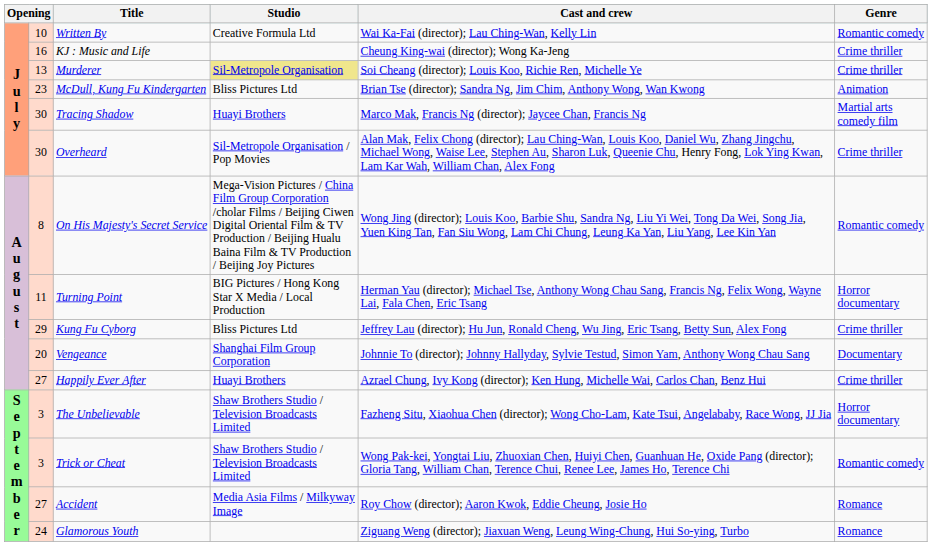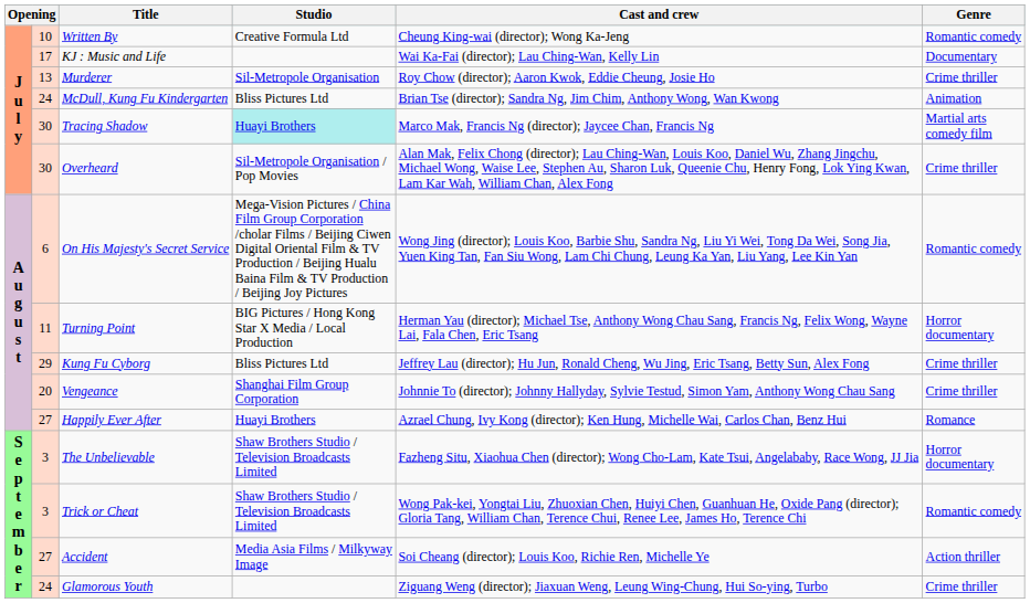 <table class="wikitable sortable">
 <tr style="background:#b0e0e6; text-align:center;">
 <th colspan="2">Opening</th>
 <th style="width:17%;">Title</th>
 <th style="width:16%;">Studio</th>
 <th>Cast and crew</th>
 <th style="width:10%;">Genre</th>
 </tr>
 <tr>
 <th rowspan="6" style="text-align:center; background:#ffa07a; textcolor:#000;"><big>J<br>u<br>l<br>y</big></th>
 <td style="text-align:center; background:#ffdacc; textcolor:#000;">10</td>
 <td><em><a href='#'>Written By</a></em></td>
 <td>Creative Formula Ltd</td>
-<td><a href='#'>Wai Ka-Fai</a> (director); <a href='#'>Lau Ching-Wan</a>, <a href='#'>Kelly Lin</a></td>
+<td><a href='#'>Cheung King-wai</a> (director); Wong Ka-Jeng</td>
 <td><a href='#'>Romantic comedy</a></td>
 </tr>
 <tr>
-<td style="text-align:center; background:#ffdacc; textcolor:#000;">16</td>
+<td style="text-align:center; background:#ffdacc; textcolor:#000;">17</td>
 <td><em>KJ : Music and Life</em></td>
 <td></td>
-<td><a href='#'>Cheung King-wai</a> (director); Wong Ka-Jeng</td>
-<td><a href='#'>Crime thriller</a></td>
+<td><a href='#'>Wai Ka-Fai</a> (director); <a href='#'>Lau Ching-Wan</a>, <a href='#'>Kelly Lin</a></td>
+<td><a href='#'>Documentary</a></td>
 </tr>
 <tr>
 <td style="text-align:center; background:#ffdacc; textcolor:#000;">13</td>
 <td><em><a href='#'>Murderer</a></em></td>
-<td style="background: khaki;"><a href='#'>Sil-Metropole Organisation</a></td>
-<td><a href='#'>Soi Cheang</a> (director); <a href='#'>Louis Koo</a>, <a href='#'>Richie Ren</a>, <a href='#'>Michelle Ye</a></td>
+<td><a href='#'>Sil-Metropole Organisation</a></td>
+<td><a href='#'>Roy Chow</a> (director); <a href='#'>Aaron Kwok</a>, <a href='#'>Eddie Cheung</a>, <a href='#'>Josie Ho</a></td>
 <td><a href='#'>Crime thriller</a></td>
 </tr>
 <tr>
-<td style="text-align:center; background:#ffdacc; textcolor:#000;">23</td>
+<td style="text-align:center; background:#ffdacc; textcolor:#000;">24</td>
 <td><em><a href='#'>McDull, Kung Fu Kindergarten</a></em></td>
 <td>Bliss Pictures Ltd</td>
 <td><a href='#'>Brian Tse</a> (director); <a href='#'>Sandra Ng</a>, <a href='#'>Jim Chim</a>, <a href='#'>Anthony Wong</a>, <a href='#'>Wan Kwong</a></td>
 <td><a href='#'>Animation</a></td>
 </tr>
 <tr>
 <td style="text-align:center; background:#ffdacc; textcolor:#000;">30</td>
 <td><em><a href='#'>Tracing Shadow</a></em></td>
-<td><a href='#'>Huayi Brothers</a></td>
+<td style="background: paleturquoise;"><a href='#'>Huayi Brothers</a></td>
 <td><a href='#'>Marco Mak</a>, <a href='#'>Francis Ng</a> (director); <a href='#'>Jaycee Chan</a>, <a href='#'>Francis Ng</a></td>
 <td><a href='#'>Martial arts</a> <a href='#'>comedy film</a></td>
 </tr>
 <tr>
 <td style="text-align:center; background:#ffdacc; textcolor:#000;">30</td>
 <td><em><a href='#'>Overheard</a></em></td>
 <td><a href='#'>Sil-Metropole Organisation</a> / Pop Movies</td>
 <td><a href='#'>Alan Mak</a>, <a href='#'>Felix Chong</a> (director); <a href='#'>Lau Ching-Wan</a>, <a href='#'>Louis Koo</a>, <a href='#'>Daniel Wu</a>, <a href='#'>Zhang Jingchu</a>, <a href='#'>Michael Wong</a>, <a href='#'>Waise Lee</a>, <a href='#'>Stephen Au</a>, <a href='#'>Sharon Luk</a>, <a href='#'>Queenie Chu</a>, Henry Fong, <a href='#'>Lok Ying Kwan</a>, <a href='#'>Lam Kar Wah</a>, <a href='#'>William Chan</a>, <a href='#'>Alex Fong</a></td>
 <td><a href='#'>Crime thriller</a></td>
 </tr>
 <tr>
 <th rowspan="5" style="text-align:center; background:thistle; textcolor:#000;"><big>A<br>u<br>g<br>u<br>s<br>t</big></th>
-<td style="text-align:center; background:#ffdacc; textcolor:#000;">8</td>
+<td style="text-align:center; background:#ffdacc; textcolor:#000;">6</td>
 <td><em><a href='#'>On His Majesty's Secret Service</a></em></td>
 <td>Mega-Vision Pictures / <a href='#'>China Film Group Corporation</a> /cholar Films / Beijing Ciwen Digital Oriental Film & TV Production / Beijing Hualu Baina Film & TV Production / Beijing Joy Pictures</td>
 <td><a href='#'>Wong Jing</a> (director); <a href='#'>Louis Koo</a>, <a href='#'>Barbie Shu</a>, <a href='#'>Sandra Ng</a>, <a href='#'>Liu Yi Wei</a>, <a href='#'>Tong Da Wei</a>, <a href='#'>Song Jia</a>, <a href='#'>Yuen King Tan</a>, <a href='#'>Fan Siu Wong</a>, <a href='#'>Lam Chi Chung</a>, <a href='#'>Leung Ka Yan</a>, <a href='#'>Liu Yang</a>, <a href='#'>Lee Kin Yan</a></td>
 <td><a href='#'>Romantic comedy</a></td>
 </tr>
 <tr>
 <td style="text-align:center; background:#ffdacc; textcolor:#000;">11</td>
 <td><em><a href='#'>Turning Point</a></em></td>
 <td>BIG Pictures / Hong Kong Star X Media / Local Production</td>
 <td><a href='#'>Herman Yau</a> (director); <a href='#'>Michael Tse</a>, <a href='#'>Anthony Wong Chau Sang</a>, <a href='#'>Francis Ng</a>, <a href='#'>Felix Wong</a>, <a href='#'>Wayne Lai</a>, <a href='#'>Fala Chen</a>, <a href='#'>Eric Tsang</a></td>
 <td><a href='#'>Horror</a> <a href='#'>documentary</a></td>
 </tr>
 <tr>
 <td style="text-align:center; background:#ffdacc; textcolor:#000;">29</td>
 <td><em><a href='#'>Kung Fu Cyborg</a></em></td>
 <td>Bliss Pictures Ltd</td>
 <td><a href='#'>Jeffrey Lau</a> (director); <a href='#'>Hu Jun</a>, <a href='#'>Ronald Cheng</a>, <a href='#'>Wu Jing</a>, <a href='#'>Eric Tsang</a>, <a href='#'>Betty Sun</a>, <a href='#'>Alex Fong</a></td>
 <td><a href='#'>Crime thriller</a></td>
 </tr>
 <tr>
 <td style="text-align:center; background:#ffdacc; textcolor:#000;">20</td>
 <td><em><a href='#'>Vengeance</a></em></td>
 <td><a href='#'>Shanghai Film Group Corporation</a></td>
 <td><a href='#'>Johnnie To</a> (director); <a href='#'>Johnny Hallyday</a>, <a href='#'>Sylvie Testud</a>, <a href='#'>Simon Yam</a>, <a href='#'>Anthony Wong Chau Sang</a></td>
-<td><a href='#'>Documentary</a></td>
+<td><a href='#'>Crime thriller</a></td>
 </tr>
 <tr>
 <td style="text-align:center; background:#ffdacc; textcolor:#000;">27</td>
 <td><em><a href='#'>Happily Ever After</a></em></td>
 <td><a href='#'>Huayi Brothers</a></td>
 <td><a href='#'>Azrael Chung</a>, <a href='#'>Ivy Kong</a> (director); <a href='#'>Ken Hung</a>, <a href='#'>Michelle Wai</a>, <a href='#'>Carlos Chan</a>, <a href='#'>Benz Hui</a></td>
-<td><a href='#'>Crime thriller</a></td>
+<td><a href='#'>Romance</a></td>
 </tr>
 <tr>
 <th rowspan="4" style="text-align:center; background:#98fb98; textcolor:#000;"><big>S<br>e<br>p<br>t<br>e<br>m<br>b<br>e<br>r</big></th>
 <td style="text-align:center; background:#ffdacc; textcolor:#000;">3</td>
 <td><em><a href='#'>The Unbelievable</a></em></td>
 <td><a href='#'>Shaw Brothers Studio</a> / <a href='#'>Television Broadcasts Limited</a></td>
 <td><a href='#'>Fazheng Situ</a>, <a href='#'>Xiaohua Chen</a> (director); <a href='#'>Wong Cho-Lam</a>, <a href='#'>Kate Tsui</a>, <a href='#'>Angelababy</a>, <a href='#'>Race Wong</a>, <a href='#'>JJ Jia</a></td>
 <td><a href='#'>Horror</a> <a href='#'>documentary</a></td>
 </tr>
 <tr>
 <td style="text-align:center; background:#ffdacc; textcolor:#000;">3</td>
 <td><em><a href='#'>Trick or Cheat</a></em></td>
 <td><a href='#'>Shaw Brothers Studio</a> / <a href='#'>Television Broadcasts Limited</a></td>
 <td><a href='#'>Wong Pak-kei</a>, <a href='#'>Yongtai Liu</a>, <a href='#'>Zhuoxian Chen</a>, <a href='#'>Huiyi Chen</a>, <a href='#'>Guanhuan He</a>, <a href='#'>Oxide Pang</a> (director); <a href='#'>Gloria Tang</a>, <a href='#'>William Chan</a>, <a href='#'>Terence Chui</a>, <a href='#'>Renee Lee</a>, <a href='#'>James Ho</a>, <a href='#'>Terence Chi</a></td>
 <td><a href='#'>Romantic comedy</a></td>
 </tr>
 <tr>
 <td style="text-align:center; background:#ffdacc; textcolor:#000;">27</td>
 <td><em><a href='#'>Accident</a></em></td>
 <td><a href='#'>Media Asia Films</a> / <a href='#'>Milkyway Image</a></td>
-<td><a href='#'>Roy Chow</a> (director); <a href='#'>Aaron Kwok</a>, <a href='#'>Eddie Cheung</a>, <a href='#'>Josie Ho</a></td>
-<td><a href='#'>Romance</a></td>
+<td><a href='#'>Soi Cheang</a> (director); <a href='#'>Louis Koo</a>, <a href='#'>Richie Ren</a>, <a href='#'>Michelle Ye</a></td>
+<td><a href='#'>Action thriller</a></td>
 </tr>
 <tr>
 <td style="text-align:center; background:#ffdacc; textcolor:#000;">24</td>
 <td><em><a href='#'>Glamorous Youth</a></em></td>
 <td></td>
 <td><a href='#'>Ziguang Weng</a> (director); <a href='#'>Jiaxuan Weng</a>, <a href='#'>Leung Wing-Chung</a>, <a href='#'>Hui So-ying</a>, <a href='#'>Turbo</a></td>
-<td><a href='#'>Romance</a></td>
+<td><a href='#'>Crime thriller</a></td>
 </tr>
 </table>
